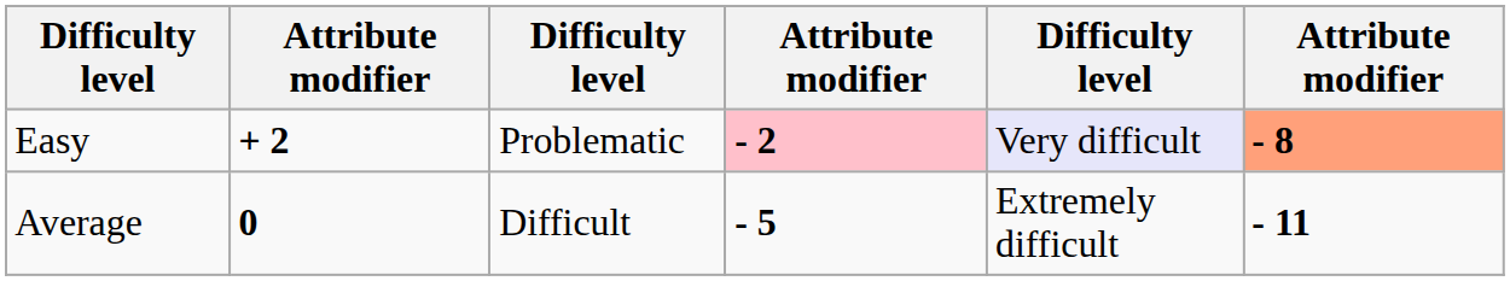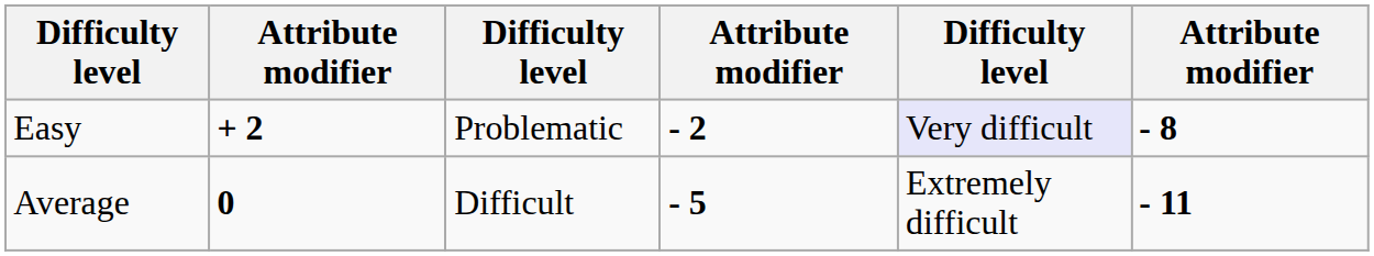 <table class="wikitable" style="margin:auto;">
 <tr>
 <th>Difficulty level</th>
 <th>Attribute modifier</th>
 <th>Difficulty level</th>
 <th>Attribute modifier</th>
 <th>Difficulty level</th>
 <th>Attribute modifier</th>
 </tr>
 <tr>
 <td>Easy</td>
 <td><strong>+ 2</strong></td>
 <td>Problematic</td>
-<td style="background: pink;"><strong>- 2</strong></td>
+<td><strong>- 2</strong></td>
 <td style="background: lavender;">Very difficult</td>
-<td style="background: lightsalmon;"><strong>- 8</strong></td>
+<td><strong>- 8</strong></td>
 </tr>
 <tr>
 <td>Average</td>
 <td><strong>0</strong></td>
 <td>Difficult</td>
 <td><strong>- 5</strong></td>
 <td>Extremely difficult</td>
 <td><strong>- 11</strong></td>
 </tr>
 </table>
